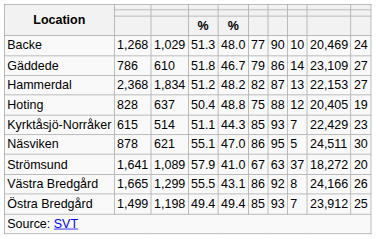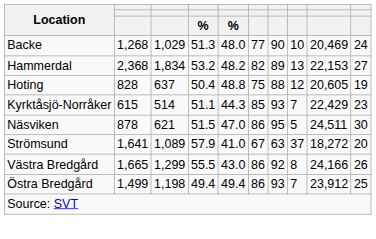 <table role="presentation" class="wikitable sortable mw-collapsible">
 <tr>
 <th rowspan="3">Location</th>
 <th></th>
 <th></th>
 <th></th>
 <th></th>
 <th></th>
 <th></th>
 <th></th>
 <th></th>
 <th></th>
 </tr>
 <tr>
 <th></th>
 <th></th>
 <th style="background:"></th>
 <th style="background:"></th>
 <th></th>
 <th></th>
 <th></th>
 <th></th>
 <th></th>
 </tr>
 <tr>
 <th data-sort-type="number"></th>
 <th data-sort-type="number"></th>
 <th data-sort-type="number">%</th>
 <th data-sort-type="number">%</th>
 <th data-sort-type="number"></th>
 <th data-sort-type="number"></th>
 <th data-sort-type="number"></th>
 <th data-sort-type="number"></th>
 <th data-sort-type="number"></th>
 </tr>
 <tr>
 <td align="left">Backe</td>
 <td>1,268</td>
 <td>1,029</td>
 <td>51.3</td>
 <td>48.0</td>
 <td>77</td>
 <td>90</td>
 <td>10</td>
 <td>20,469</td>
 <td>24</td>
 </tr>
 <tr>
-<td align="left">Gäddede</td>
-<td>786</td>
-<td>610</td>
-<td>51.8</td>
-<td>46.7</td>
-<td>79</td>
-<td>86</td>
-<td>14</td>
-<td>23,109</td>
-<td>27</td>
-</tr>
-<tr>
 <td align="left">Hammerdal</td>
 <td>2,368</td>
 <td>1,834</td>
-<td>51.2</td>
+<td>53.2</td>
 <td>48.2</td>
 <td>82</td>
-<td>87</td>
+<td>89</td>
 <td>13</td>
 <td>22,153</td>
 <td>27</td>
 </tr>
 <tr>
 <td align="left">Hoting</td>
 <td>828</td>
 <td>637</td>
 <td>50.4</td>
 <td>48.8</td>
 <td>75</td>
 <td>88</td>
 <td>12</td>
-<td>20,405</td>
+<td>20,605</td>
 <td>19</td>
 </tr>
 <tr>
 <td align="left">Kyrktåsjö-Norråker</td>
 <td>615</td>
 <td>514</td>
 <td>51.1</td>
 <td>44.3</td>
 <td>85</td>
 <td>93</td>
 <td>7</td>
 <td>22,429</td>
 <td>23</td>
 </tr>
 <tr>
 <td align="left">Näsviken</td>
 <td>878</td>
 <td>621</td>
-<td>55.1</td>
+<td>51.5</td>
 <td>47.0</td>
 <td>86</td>
 <td>95</td>
 <td>5</td>
 <td>24,511</td>
 <td>30</td>
 </tr>
 <tr>
 <td align="left">Strömsund</td>
 <td>1,641</td>
 <td>1,089</td>
 <td>57.9</td>
 <td>41.0</td>
 <td>67</td>
 <td>63</td>
 <td>37</td>
 <td>18,272</td>
 <td>20</td>
 </tr>
 <tr>
 <td align="left">Västra Bredgård</td>
 <td>1,665</td>
 <td>1,299</td>
 <td>55.5</td>
-<td>43.1</td>
+<td>43.0</td>
 <td>86</td>
 <td>92</td>
 <td>8</td>
 <td>24,166</td>
 <td>26</td>
 </tr>
 <tr>
 <td align="left">Östra Bredgård</td>
 <td>1,499</td>
 <td>1,198</td>
 <td>49.4</td>
 <td>49.4</td>
-<td>85</td>
+<td>86</td>
 <td>93</td>
 <td>7</td>
 <td>23,912</td>
 <td>25</td>
 </tr>
 <tr>
 <td colspan="10" align="left">Source: <a href='#'>SVT</a></td>
 </tr>
 </table>
